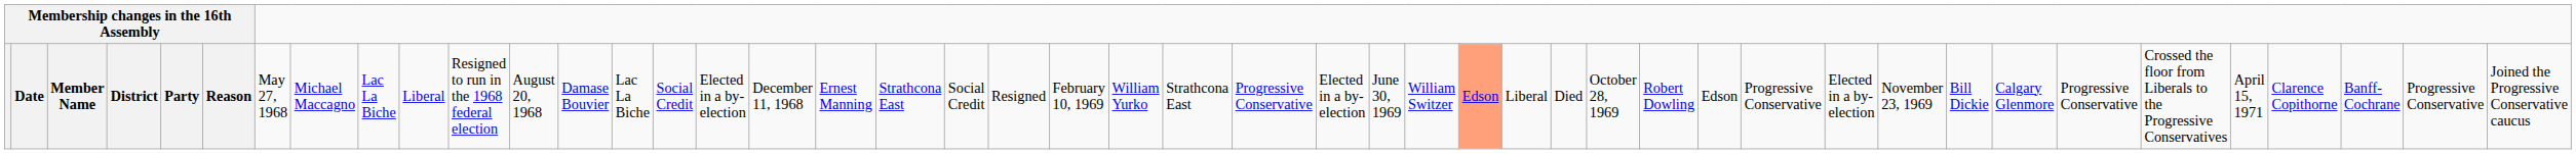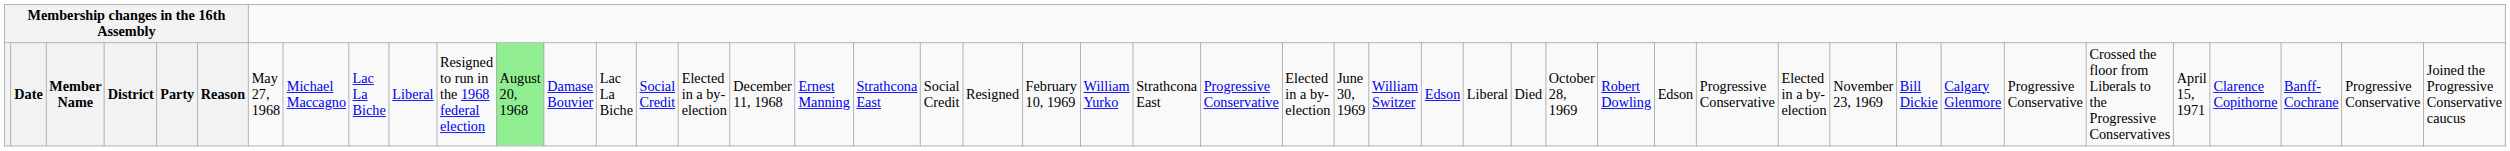 <table class="wikitable">
 <tr>
 <th colspan=6>Membership changes in the 16th Assembly</th>
 </tr>
 <tr>
 <th></th>
 <th>Date</th>
 <th>Member Name</th>
 <th>District</th>
 <th>Party</th>
 <th>Reason<br></th>
 <td>May 27, 1968</td>
 <td><a href='#'>Michael Maccagno</a></td>
 <td><a href='#'>Lac La Biche</a></td>
 <td><a href='#'>Liberal</a></td>
 <td>Resigned to run in the <a href='#'>1968 federal election</a><br></td>
-<td>August 20, 1968</td>
+<td style="background: lightgreen;">August 20, 1968</td>
 <td><a href='#'>Damase Bouvier</a></td>
 <td>Lac La Biche</td>
 <td><a href='#'>Social Credit</a></td>
 <td>Elected in a by-election<br></td>
 <td>December 11, 1968</td>
 <td><a href='#'>Ernest Manning</a></td>
 <td><a href='#'>Strathcona East</a></td>
 <td>Social Credit</td>
 <td>Resigned<br></td>
 <td>February 10, 1969</td>
 <td><a href='#'>William Yurko</a></td>
 <td>Strathcona East</td>
 <td><a href='#'>Progressive Conservative</a></td>
 <td>Elected in a by-election<br></td>
 <td>June 30, 1969</td>
 <td><a href='#'>William Switzer</a></td>
-<td style="background: lightsalmon;"><a href='#'>Edson</a></td>
+<td><a href='#'>Edson</a></td>
 <td>Liberal</td>
 <td>Died<br></td>
 <td>October 28, 1969</td>
 <td><a href='#'>Robert Dowling</a></td>
 <td>Edson</td>
 <td>Progressive Conservative</td>
 <td>Elected in a by-election<br></td>
 <td>November 23, 1969</td>
 <td><a href='#'>Bill Dickie</a></td>
 <td><a href='#'>Calgary Glenmore</a></td>
 <td>Progressive Conservative</td>
 <td>Crossed the floor from Liberals to the Progressive Conservatives<br></td>
 <td>April 15, 1971</td>
 <td><a href='#'>Clarence Copithorne</a></td>
 <td><a href='#'>Banff-Cochrane</a></td>
 <td>Progressive Conservative</td>
 <td>Joined the Progressive Conservative caucus</td>
 </tr>
 </table>
